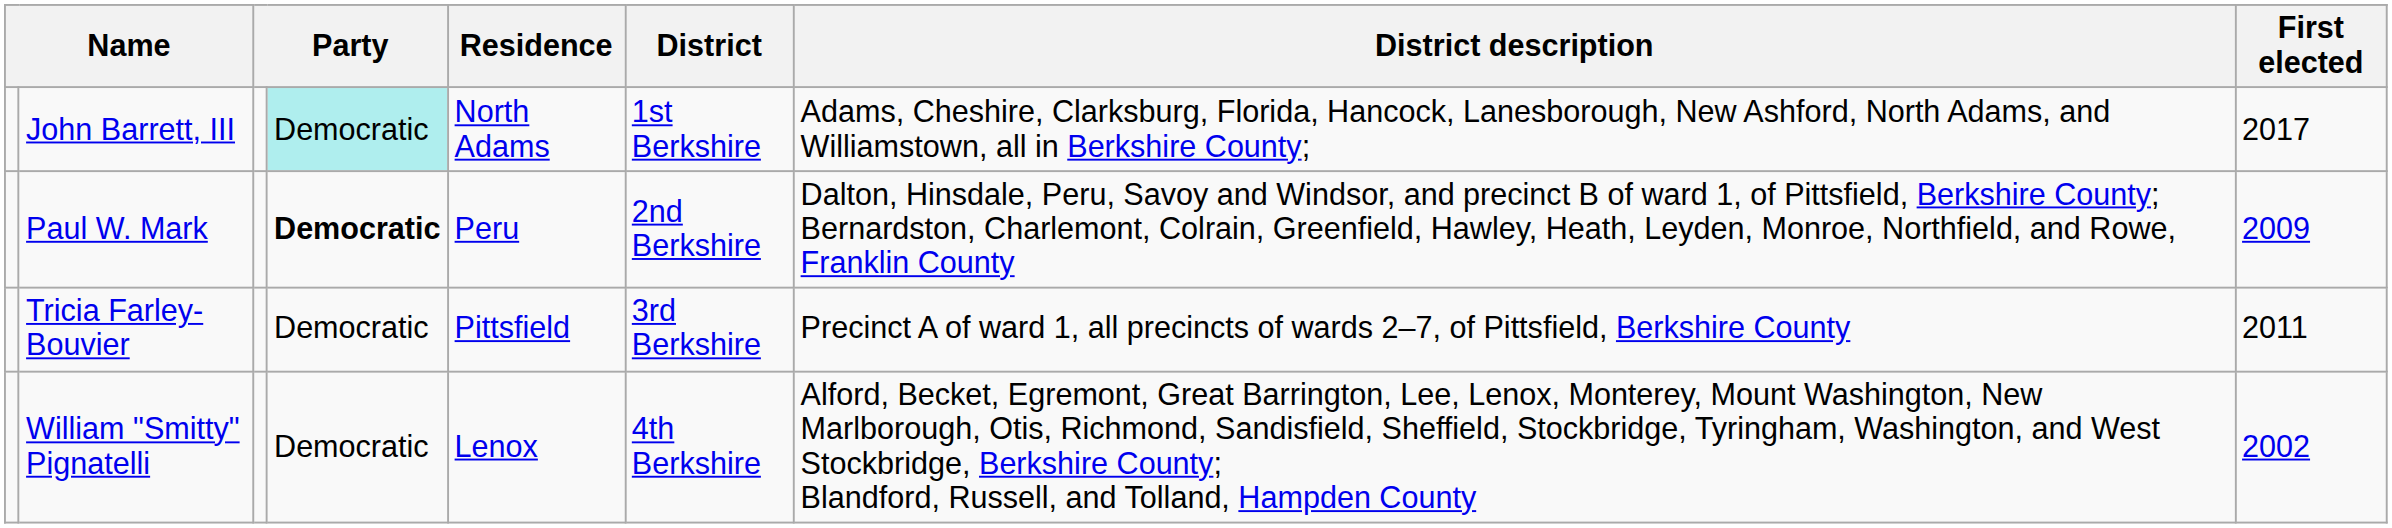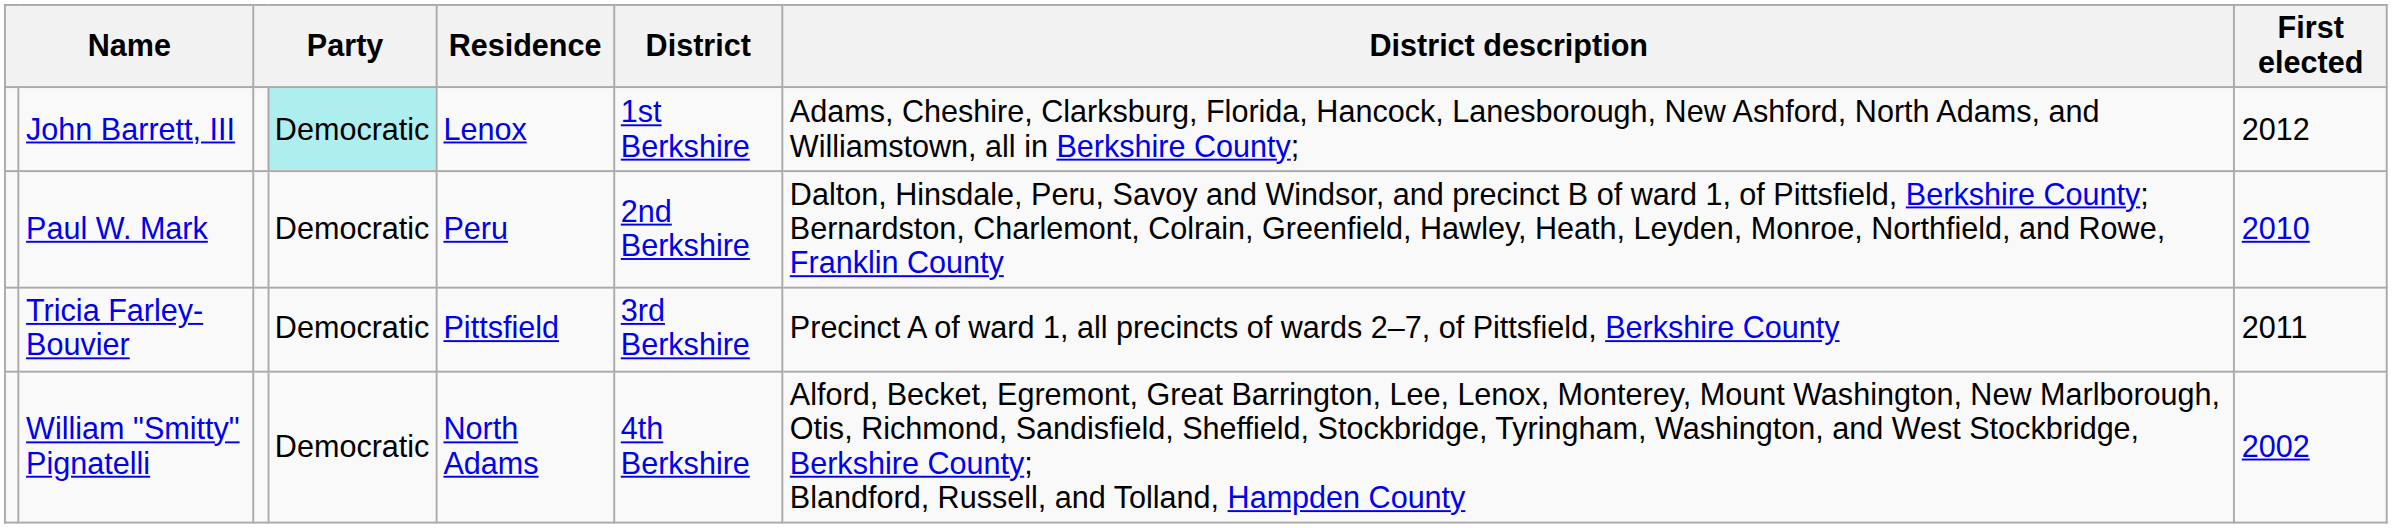 <table class="wikitable sortable" style="text-align:left;">
 <tr>
 <th colspan="2">Name</th>
 <th colspan=2>Party</th>
 <th>Residence</th>
 <th>District</th>
 <th>District description</th>
 <th>First elected</th>
 </tr>
 <tr>
 <td></td>
 <td><a href='#'>John Barrett, III</a></td>
 <td style="background-color:"></td>
 <td style="background: paleturquoise;">Democratic</td>
-<td><a href='#'>North Adams</a></td>
+<td><a href='#'>Lenox</a></td>
 <td><a href='#'>1st Berkshire</a></td>
 <td>Adams, Cheshire, Clarksburg, Florida, Hancock, Lanesborough, New Ashford, North Adams, and Williamstown, all in <a href='#'>Berkshire County</a>;</td>
-<td>2017</td>
+<td>2012</td>
 </tr>
 <tr>
 <td></td>
 <td><a href='#'>Paul W. Mark</a></td>
 <td style="background-color:"></td>
-<td><strong>Democratic</strong></td>
+<td>Democratic</td>
 <td><a href='#'>Peru</a></td>
 <td><a href='#'>2nd Berkshire</a></td>
 <td>Dalton, Hinsdale, Peru, Savoy and Windsor, and precinct B of ward 1, of Pittsfield, <a href='#'>Berkshire County</a>;<br>Bernardston, Charlemont, Colrain, Greenfield, Hawley, Heath, Leyden, Monroe, Northfield, and Rowe, <a href='#'>Franklin County</a></td>
-<td><a href='#'>2009</a></td>
+<td><a href='#'>2010</a></td>
 </tr>
 <tr>
 <td></td>
 <td><a href='#'>Tricia Farley-Bouvier</a></td>
 <td style="background-color:"></td>
 <td>Democratic</td>
 <td><a href='#'>Pittsfield</a></td>
 <td><a href='#'>3rd Berkshire</a></td>
 <td>Precinct A of ward 1, all precincts of wards 2–7, of Pittsfield, <a href='#'>Berkshire County</a></td>
 <td>2011</td>
 </tr>
 <tr>
 <td></td>
 <td><a href='#'>William "Smitty" Pignatelli</a></td>
 <td style="background-color:"></td>
 <td>Democratic</td>
-<td><a href='#'>Lenox</a></td>
+<td><a href='#'>North Adams</a></td>
 <td><a href='#'>4th Berkshire</a></td>
 <td>Alford, Becket, Egremont, Great Barrington, Lee, Lenox, Monterey, Mount Washington, New Marlborough, Otis, Richmond, Sandisfield, Sheffield, Stockbridge, Tyringham, Washington, and West Stockbridge, <a href='#'>Berkshire County</a>;<br>Blandford, Russell, and Tolland, <a href='#'>Hampden County</a></td>
 <td><a href='#'>2002</a></td>
 </tr>
 </table>
